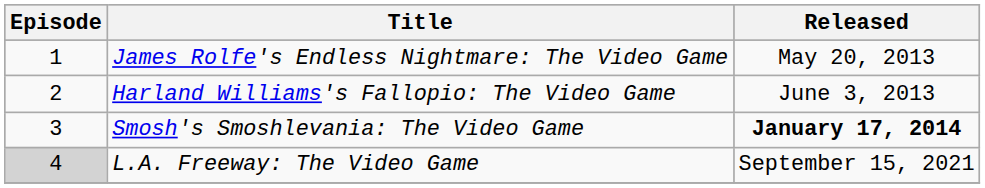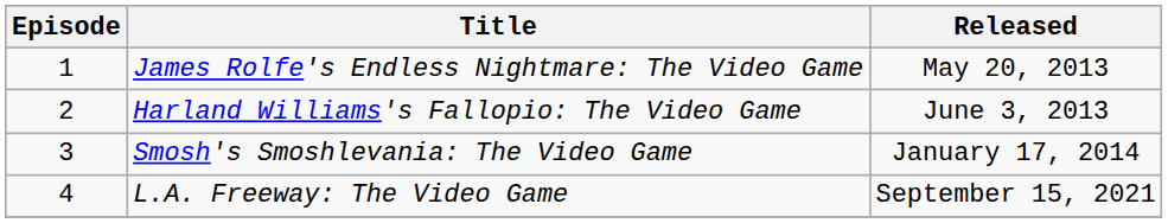 <table class="wikitable">
 <tr>
 <th>Episode</th>
 <th>Title</th>
 <th>Released</th>
 </tr>
 <tr>
 <td align="center">1</td>
 <td><em><a href='#'>James Rolfe</a>'s Endless Nightmare: The Video Game</em></td>
 <td align="center">May 20, 2013</td>
 </tr>
 <tr>
 <td align="center">2</td>
 <td><em><a href='#'>Harland Williams</a>'s Fallopio: The Video Game</em></td>
 <td align="center">June 3, 2013</td>
 </tr>
 <tr>
 <td align="center">3</td>
 <td><em><a href='#'>Smosh</a>'s Smoshlevania: The Video Game</em></td>
-<td align="center"><strong>January 17, 2014</strong></td>
+<td align="center">January 17, 2014</td>
 </tr>
 <tr>
-<td align="center" style="background: lightgrey;">4</td>
+<td align="center">4</td>
 <td><em>L.A. Freeway: The Video Game</em></td>
 <td align="center">September 15, 2021</td>
 </tr>
 <tr>
 </tr>
 </table>
